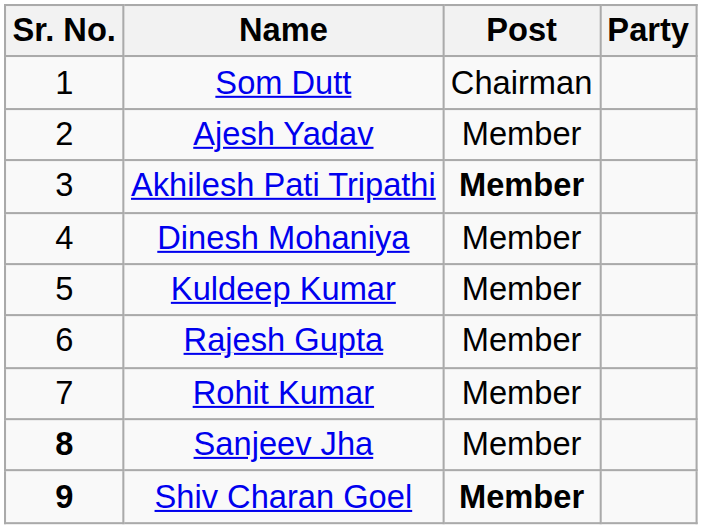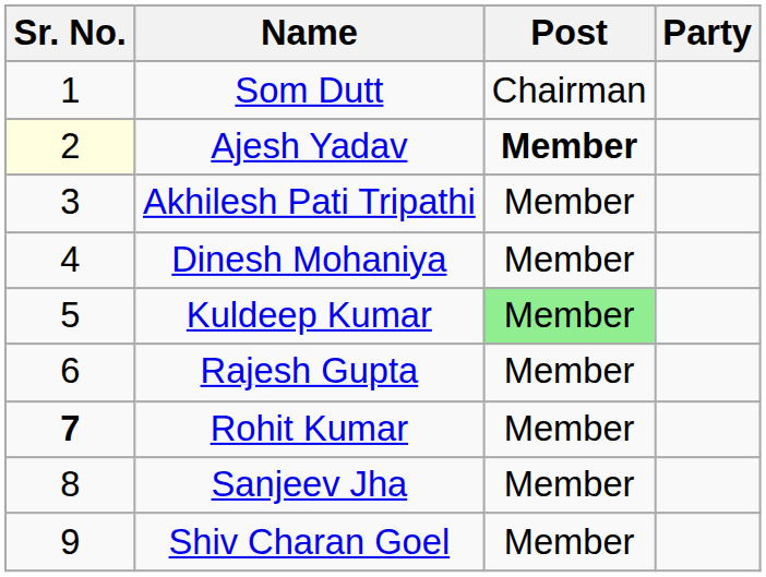 <table class="wikitable sortable">
 <tr>
 <th>Sr. No.</th>
 <th>Name</th>
 <th>Post</th>
 <th colspan="2">Party</th>
 </tr>
 <tr align="center">
 <td>1</td>
 <td><a href='#'>Som Dutt</a></td>
 <td>Chairman</td>
 <td></td>
 </tr>
 <tr align="center">
-<td>2</td>
+<td style="background: lightyellow;">2</td>
 <td><a href='#'>Ajesh Yadav</a></td>
-<td>Member</td>
+<td><strong>Member</strong></td>
 <td></td>
 </tr>
 <tr align="center">
 <td>3</td>
 <td><a href='#'>Akhilesh Pati Tripathi</a></td>
-<td><strong>Member</strong></td>
+<td>Member</td>
 <td></td>
 </tr>
 <tr align="center">
 <td>4</td>
 <td><a href='#'>Dinesh Mohaniya</a></td>
 <td>Member</td>
 <td></td>
 </tr>
 <tr align="center">
 <td>5</td>
 <td><a href='#'>Kuldeep Kumar</a></td>
-<td>Member</td>
+<td style="background: lightgreen;">Member</td>
 <td></td>
 </tr>
 <tr align="center">
 <td>6</td>
 <td><a href='#'>Rajesh Gupta</a></td>
 <td>Member</td>
 <td></td>
 </tr>
 <tr align="center">
-<td>7</td>
+<td><strong>7</strong></td>
 <td><a href='#'>Rohit Kumar</a></td>
 <td>Member</td>
 <td></td>
 </tr>
 <tr align="center">
-<td><strong>8</strong></td>
+<td>8</td>
 <td><a href='#'>Sanjeev Jha</a></td>
 <td>Member</td>
 <td></td>
 </tr>
 <tr align="center">
-<td><strong>9</strong></td>
+<td>9</td>
 <td><a href='#'>Shiv Charan Goel</a></td>
-<td><strong>Member</strong></td>
+<td>Member</td>
 <td></td>
 </tr>
 </table>
